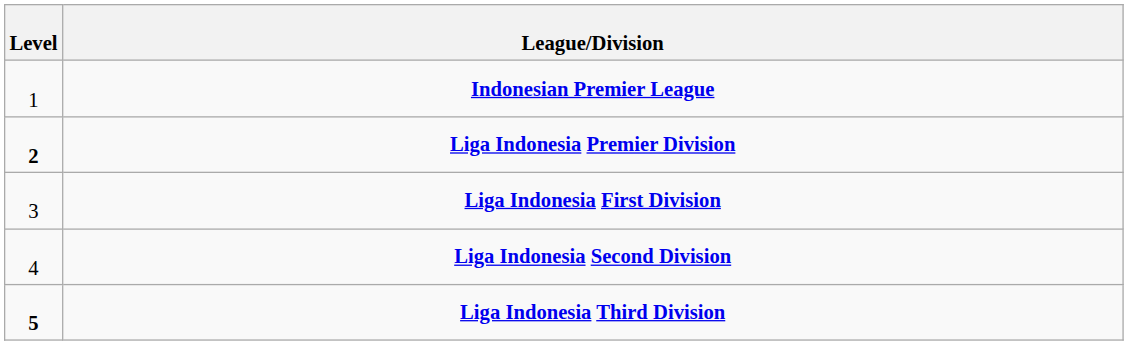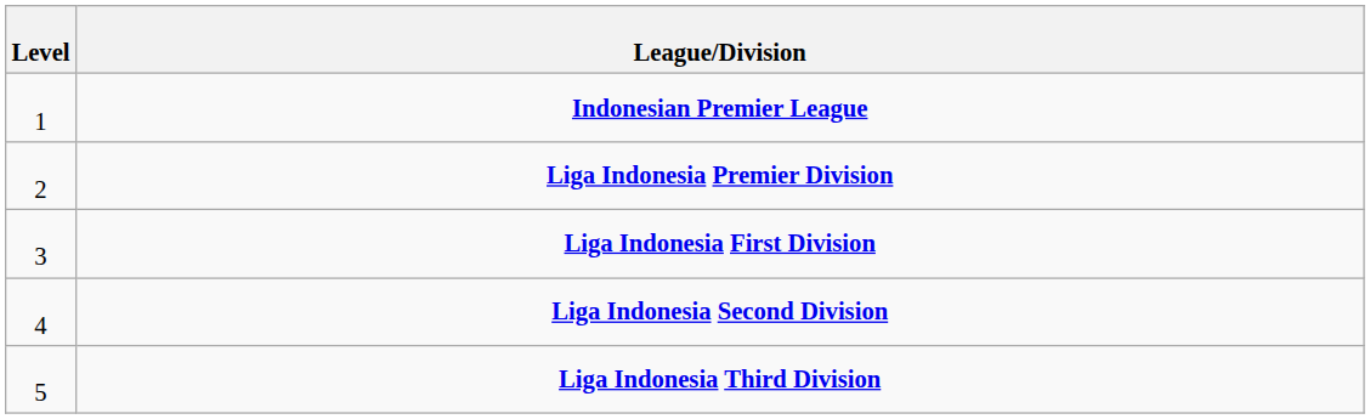 <table class="wikitable" style="text-align: center;">
 <tr>
 <th colspan="1" width="4%"><br>Level</th>
 <th colspan="18" width="96%"><br>League/Division</th>
 </tr>
 <tr>
 <td colspan="1" width="4%"><br>1</td>
 <td colspan="18" width="96%"><strong><a href='#'>Indonesian Premier League</a></strong></td>
 </tr>
 <tr>
-<td colspan="1" width="4%"><strong><br>2</strong></td>
+<td colspan="1" width="4%"><br>2</td>
 <td colspan="18" width="96%"><strong><a href='#'>Liga Indonesia</a> <a href='#'>Premier Division</a></strong></td>
 </tr>
 <tr>
 <td colspan="1" width="4%"><br>3</td>
 <td colspan="18" width="96%"><strong><a href='#'>Liga Indonesia</a> <a href='#'>First Division</a></strong></td>
 </tr>
 <tr>
 <td colspan="1" width="4%"><br>4</td>
 <td colspan="18" width="96%"><strong><a href='#'>Liga Indonesia</a> <a href='#'>Second Division</a></strong></td>
 </tr>
 <tr>
-<td colspan="1" width="4%"><strong><br>5</strong></td>
+<td colspan="1" width="4%"><br>5</td>
 <td colspan="18" width="96%"><strong><a href='#'>Liga Indonesia</a> <a href='#'>Third Division</a></strong></td>
 </tr>
 </table>
